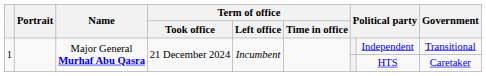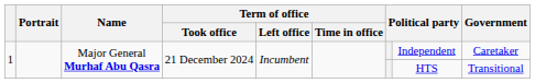 <table class="wikitable" style="text-align:center">
 <tr>
 <th rowspan="2"></th>
 <th rowspan="2">Portrait</th>
 <th rowspan="2">Name<br></th>
 <th colspan="3">Term of office</th>
 <th colspan="2" rowspan="2">Political party</th>
 <th rowspan="2">Government</th>
 </tr>
 <tr>
 <th>Took office</th>
 <th>Left office</th>
 <th>Time in office</th>
 </tr>
 <tr>
 <td rowspan="2">1</td>
 <td rowspan="2"></td>
 <td rowspan="2">Major General<br><strong><a href='#'>Murhaf Abu Qasra</a></strong><br></td>
 <td rowspan="2">21 December 2024</td>
 <td rowspan="2"><em>Incumbent</em></td>
 <td rowspan="2"></td>
 <th style="background:"></th>
 <td><a href='#'>Independent</a></td>
-<td><a href='#'>Transitional</a></td>
+<td><a href='#'>Caretaker</a><br></td>
 </tr>
 <tr>
 <th style="background:"></th>
 <td><a href='#'>HTS</a><br></td>
-<td><a href='#'>Caretaker</a><br></td>
+<td><a href='#'>Transitional</a></td>
 </tr>
 </table>
